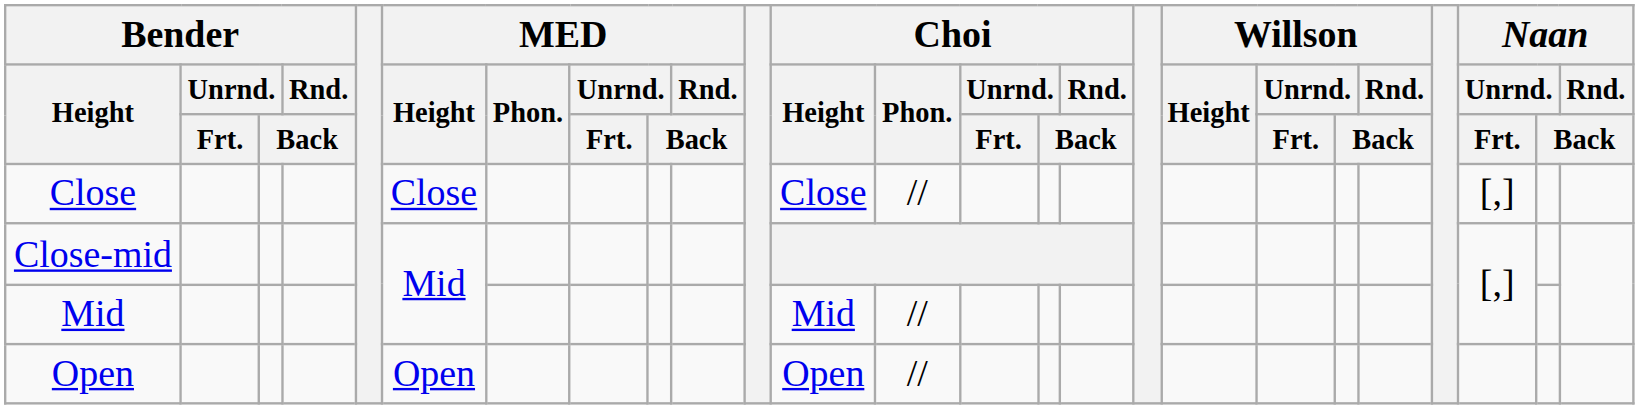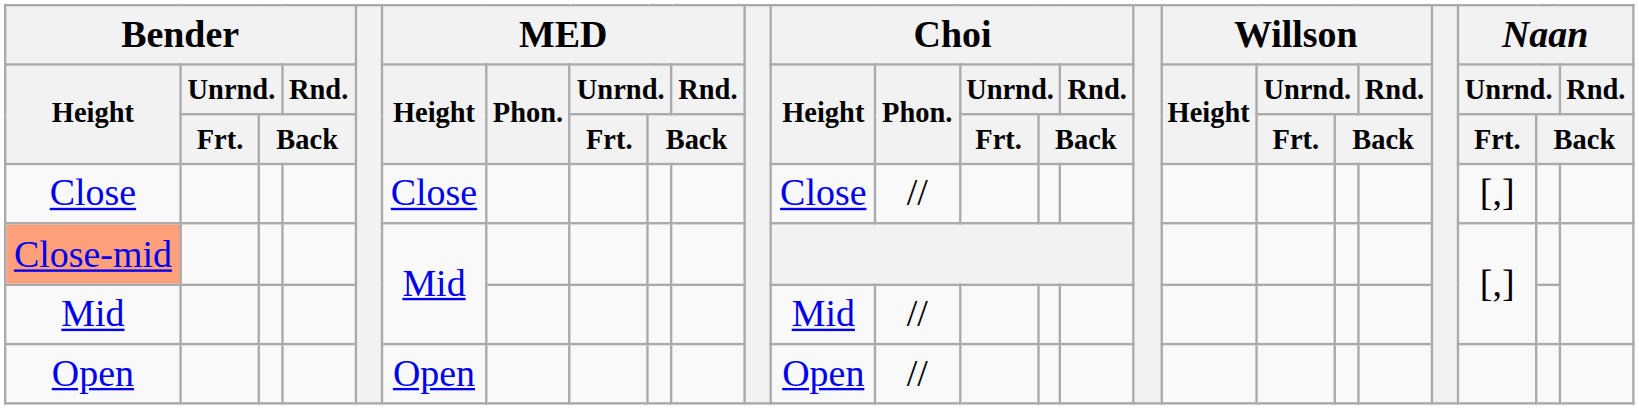 <table class="wikitable" style="text-align:center;">
 <tr>
 <th colspan="4">Bender</th>
 <th rowspan="7"> </th>
 <th colspan="5">MED</th>
 <th rowspan="7"> </th>
 <th colspan="5">Choi</th>
 <th rowspan="7"> </th>
 <th colspan="4">Willson</th>
 <th rowspan="7"> </th>
 <th colspan="4"><em>Naan</em></th>
 </tr>
 <tr style="font-size: 75%;">
 <th rowspan="2">Height</th>
 <th colspan="2">Unrnd.</th>
 <th>Rnd.</th>
 <th rowspan="2">Height</th>
 <th rowspan="2">Phon.</th>
 <th colspan="2">Unrnd.</th>
 <th>Rnd.</th>
 <th rowspan="2">Height</th>
 <th rowspan="2">Phon.</th>
 <th colspan="2">Unrnd.</th>
 <th>Rnd.</th>
 <th rowspan="2">Height</th>
 <th colspan="2">Unrnd.</th>
 <th>Rnd.</th>
 <th colspan="2">Unrnd.</th>
 <th>Rnd.</th>
 </tr>
 <tr style="font-size: 75%;">
 <th>Frt.</th>
 <th colspan="2">Back</th>
 <th>Frt.</th>
 <th colspan="2">Back</th>
 <th>Frt.</th>
 <th colspan="2">Back</th>
 <th>Frt.</th>
 <th colspan="2">Back</th>
 <th>Frt.</th>
 <th colspan="2">Back</th>
 </tr>
 <tr>
 <td><a href='#'>Close</a></td>
 <td></td>
 <td></td>
 <td></td>
 <td><a href='#'>Close</a></td>
 <td></td>
 <td></td>
 <td></td>
 <td></td>
 <td><a href='#'>Close</a></td>
 <td>//</td>
 <td></td>
 <td></td>
 <td></td>
 <td></td>
 <td></td>
 <td></td>
 <td></td>
 <td>[,]</td>
 <td></td>
 <td></td>
 </tr>
 <tr>
-<td><a href='#'>Close-mid</a></td>
+<td style="background: lightsalmon;"><a href='#'>Close-mid</a></td>
 <td></td>
 <td></td>
 <td></td>
 <td rowspan="2"><a href='#'>Mid</a></td>
 <td></td>
 <td></td>
 <td></td>
 <td></td>
 <th colspan="5"> </th>
 <td></td>
 <td></td>
 <td></td>
 <td></td>
 <td rowspan="2">[,]</td>
 <td></td>
 <td rowspan="2"></td>
 </tr>
 <tr>
 <td><a href='#'>Mid</a></td>
 <td></td>
 <td></td>
 <td></td>
 <td></td>
 <td></td>
 <td></td>
 <td></td>
 <td><a href='#'>Mid</a></td>
 <td>//</td>
 <td></td>
 <td></td>
 <td></td>
 <td></td>
 <td></td>
 <td></td>
 <td></td>
 <td></td>
 </tr>
 <tr>
 <td><a href='#'>Open</a></td>
 <td></td>
 <td></td>
 <td></td>
 <td><a href='#'>Open</a></td>
 <td></td>
 <td></td>
 <td></td>
 <td></td>
 <td><a href='#'>Open</a></td>
 <td>//</td>
 <td></td>
 <td></td>
 <td></td>
 <td></td>
 <td></td>
 <td></td>
 <td></td>
 <td></td>
 <td></td>
 <td></td>
 </tr>
 </table>
